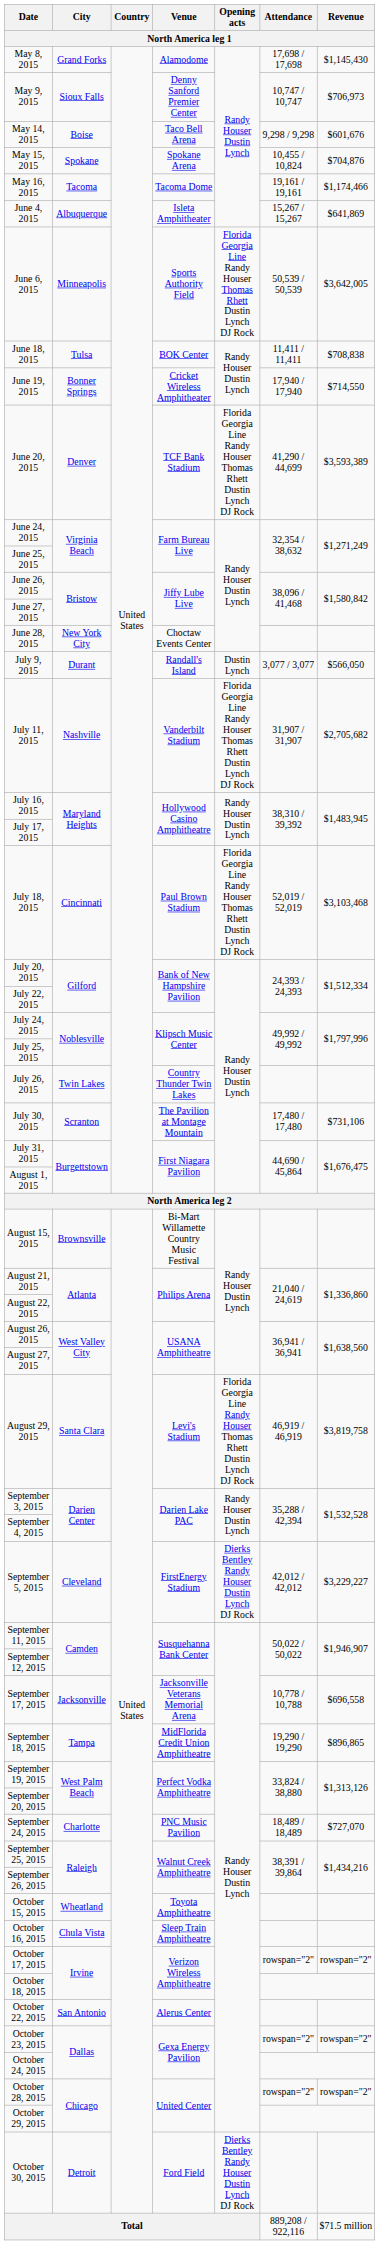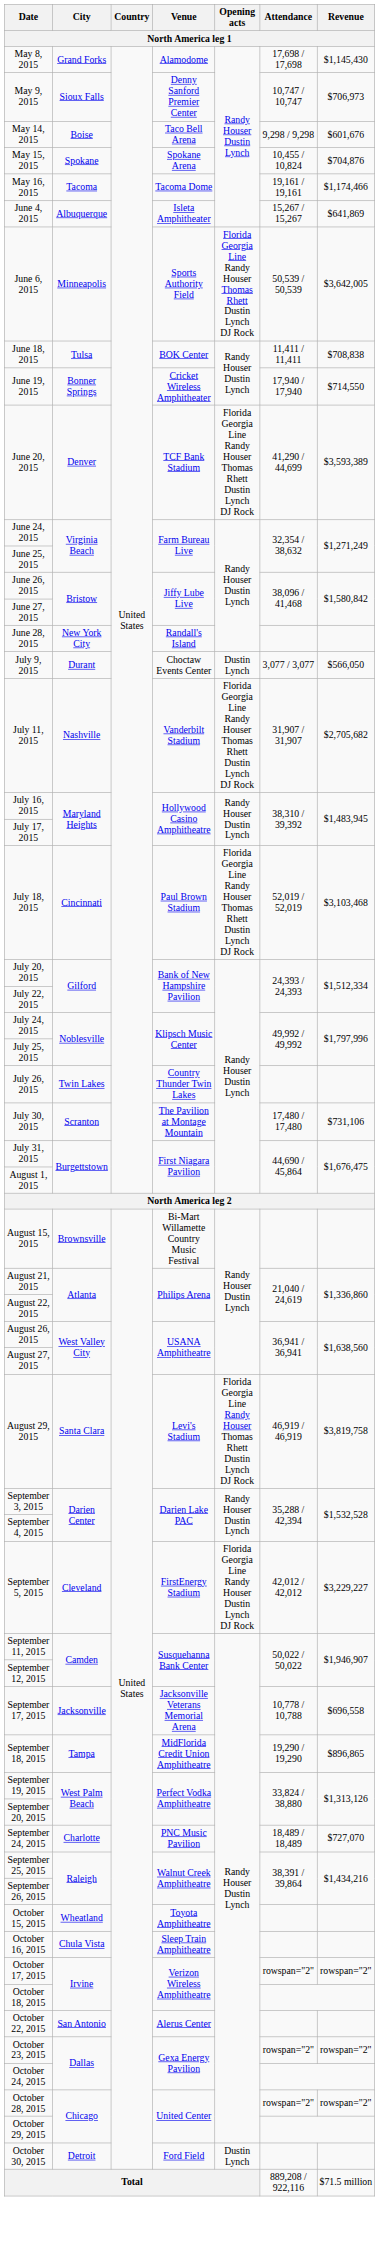 <table class="wikitable" style="text-align:center;">
 <tr>
 <th style="width:150px;">Date</th>
 <th style="width:150px;">City</th>
 <th style="width:150px;">Country</th>
 <th style="width:250px;">Venue</th>
 <th style="width:250px;">Opening acts</th>
 <th style="width:150px;">Attendance</th>
 <th style="width:150px;">Revenue</th>
 </tr>
 <tr>
 <th colspan="7">North America leg 1</th>
 </tr>
 <tr>
 <td>May 8, 2015</td>
 <td><a href='#'>Grand Forks</a></td>
 <td rowspan="28">United States</td>
 <td><a href='#'>Alamodome</a></td>
 <td rowspan="6"><a href='#'>Randy Houser</a><br><a href='#'>Dustin Lynch</a></td>
 <td>17,698 / 17,698</td>
 <td>$1,145,430</td>
 </tr>
 <tr>
 <td>May 9, 2015</td>
 <td><a href='#'>Sioux Falls</a></td>
 <td><a href='#'>Denny Sanford Premier Center</a></td>
 <td>10,747 / 10,747</td>
 <td>$706,973</td>
 </tr>
 <tr>
 <td>May 14, 2015</td>
 <td><a href='#'>Boise</a></td>
 <td><a href='#'>Taco Bell Arena</a></td>
 <td>9,298 / 9,298</td>
 <td>$601,676</td>
 </tr>
 <tr>
 <td>May 15, 2015</td>
 <td><a href='#'>Spokane</a></td>
 <td><a href='#'>Spokane Arena</a></td>
 <td>10,455 / 10,824 </td>
 <td>$704,876</td>
 </tr>
 <tr>
 <td>May 16, 2015</td>
 <td><a href='#'>Tacoma</a></td>
 <td><a href='#'>Tacoma Dome</a></td>
 <td>19,161 / 19,161</td>
 <td>$1,174,466</td>
 </tr>
 <tr>
 <td>June 4, 2015</td>
 <td><a href='#'>Albuquerque</a></td>
 <td><a href='#'>Isleta Amphitheater</a></td>
 <td>15,267 / 15,267</td>
 <td>$641,869</td>
 </tr>
 <tr>
 <td>June 6, 2015</td>
 <td><a href='#'>Minneapolis</a></td>
 <td><a href='#'>Sports Authority Field</a></td>
 <td><a href='#'>Florida Georgia Line</a><br>Randy Houser<br><a href='#'>Thomas Rhett</a><br>Dustin Lynch<br>DJ Rock</td>
 <td>50,539 / 50,539</td>
 <td>$3,642,005</td>
 </tr>
 <tr>
 <td>June 18, 2015</td>
 <td><a href='#'>Tulsa</a></td>
 <td><a href='#'>BOK Center</a></td>
 <td rowspan="2">Randy Houser<br>Dustin Lynch</td>
 <td>11,411 / 11,411 </td>
 <td>$708,838</td>
 </tr>
 <tr>
 <td>June 19, 2015</td>
 <td><a href='#'>Bonner Springs</a></td>
 <td><a href='#'>Cricket Wireless Amphitheater</a></td>
 <td>17,940 / 17,940</td>
 <td>$714,550</td>
 </tr>
 <tr>
 <td>June 20, 2015</td>
 <td><a href='#'>Denver</a></td>
 <td><a href='#'>TCF Bank Stadium</a></td>
 <td>Florida Georgia Line<br>Randy Houser<br>Thomas Rhett<br>Dustin Lynch<br>DJ Rock</td>
 <td>41,290 / 44,699</td>
 <td>$3,593,389</td>
 </tr>
 <tr>
 <td>June 24, 2015</td>
 <td rowspan="2"><a href='#'>Virginia Beach</a></td>
 <td rowspan="2"><a href='#'>Farm Bureau Live</a></td>
 <td rowspan="5">Randy Houser<br>Dustin Lynch</td>
 <td rowspan="2">32,354 / 38,632</td>
 <td rowspan="2">$1,271,249</td>
 </tr>
 <tr>
 <td>June 25, 2015</td>
 </tr>
 <tr>
 <td>June 26, 2015</td>
 <td rowspan="2"><a href='#'>Bristow</a></td>
 <td rowspan="2"><a href='#'>Jiffy Lube Live</a></td>
 <td rowspan="2">38,096 / 41,468</td>
 <td rowspan="2">$1,580,842</td>
 </tr>
 <tr>
 <td>June 27, 2015</td>
 </tr>
 <tr>
 <td>June 28, 2015</td>
 <td><a href='#'>New York City</a></td>
-<td>Choctaw Events Center</td>
+<td><a href='#'>Randall's Island</a></td>
 <td></td>
 <td></td>
 </tr>
 <tr>
 <td>July 9, 2015</td>
 <td><a href='#'>Durant</a></td>
-<td><a href='#'>Randall's Island</a></td>
+<td>Choctaw Events Center</td>
 <td>Dustin Lynch</td>
 <td>3,077 / 3,077</td>
 <td>$566,050</td>
 </tr>
 <tr>
 <td>July 11, 2015 </td>
 <td><a href='#'>Nashville</a></td>
 <td><a href='#'>Vanderbilt Stadium</a></td>
 <td>Florida Georgia Line<br>Randy Houser<br>Thomas Rhett<br>Dustin Lynch<br>DJ Rock</td>
 <td>31,907 / 31,907</td>
 <td>$2,705,682</td>
 </tr>
 <tr>
 <td>July 16, 2015</td>
 <td rowspan="2"><a href='#'>Maryland Heights</a></td>
 <td rowspan="2"><a href='#'>Hollywood Casino Amphitheatre</a></td>
 <td rowspan="2">Randy Houser<br>Dustin Lynch</td>
 <td rowspan="2">38,310 / 39,392</td>
 <td rowspan="2">$1,483,945</td>
 </tr>
 <tr>
 <td>July 17, 2015</td>
 </tr>
 <tr>
 <td>July 18, 2015</td>
 <td><a href='#'>Cincinnati</a></td>
 <td><a href='#'>Paul Brown Stadium</a></td>
 <td>Florida Georgia Line<br>Randy Houser<br>Thomas Rhett<br>Dustin Lynch<br>DJ Rock</td>
 <td>52,019 / 52,019</td>
 <td>$3,103,468</td>
 </tr>
 <tr>
 <td>July 20, 2015</td>
 <td rowspan="2"><a href='#'>Gilford</a></td>
 <td rowspan="2"><a href='#'>Bank of New Hampshire Pavilion</a></td>
 <td rowspan="8">Randy Houser<br>Dustin Lynch</td>
 <td rowspan="2">24,393 / 24,393</td>
 <td rowspan="2">$1,512,334</td>
 </tr>
 <tr>
 <td>July 22, 2015</td>
 </tr>
 <tr>
 <td>July 24, 2015</td>
 <td rowspan="2"><a href='#'>Noblesville</a></td>
 <td rowspan="2"><a href='#'>Klipsch Music Center</a></td>
 <td rowspan="2">49,992 / 49,992</td>
 <td rowspan="2">$1,797,996</td>
 </tr>
 <tr>
 <td>July 25, 2015</td>
 </tr>
 <tr>
 <td>July 26, 2015</td>
 <td><a href='#'>Twin Lakes</a></td>
 <td><a href='#'>Country Thunder Twin Lakes</a></td>
 <td></td>
 <td></td>
 </tr>
 <tr>
 <td>July 30, 2015</td>
 <td><a href='#'>Scranton</a></td>
 <td><a href='#'>The Pavilion at Montage Mountain</a></td>
 <td>17,480 / 17,480</td>
 <td>$731,106</td>
 </tr>
 <tr>
 <td>July 31, 2015</td>
 <td rowspan="2"><a href='#'>Burgettstown</a></td>
 <td rowspan="2"><a href='#'>First Niagara Pavilion</a></td>
 <td rowspan="2">44,690 / 45,864</td>
 <td rowspan="2">$1,676,475</td>
 </tr>
 <tr>
 <td>August 1, 2015</td>
 </tr>
 <tr>
 <th colspan="7">North America leg 2</th>
 </tr>
 <tr>
 <td>August 15, 2015</td>
 <td><a href='#'>Brownsville</a></td>
 <td rowspan="28">United States</td>
 <td>Bi-Mart Willamette Country Music Festival</td>
 <td rowspan="5">Randy Houser<br>Dustin Lynch</td>
 <td></td>
 <td></td>
 </tr>
 <tr>
 <td>August 21, 2015</td>
 <td rowspan="2"><a href='#'>Atlanta</a></td>
 <td rowspan="2"><a href='#'>Philips Arena</a></td>
 <td rowspan="2">21,040 / 24,619</td>
 <td rowspan="2">$1,336,860</td>
 </tr>
 <tr>
 <td>August 22, 2015</td>
 </tr>
 <tr>
 <td>August 26, 2015</td>
 <td rowspan="2"><a href='#'>West Valley City</a></td>
 <td rowspan="2"><a href='#'>USANA Amphitheatre</a></td>
 <td rowspan="2">36,941 / 36,941</td>
 <td rowspan="2">$1,638,560</td>
 </tr>
 <tr>
 <td>August 27, 2015</td>
 </tr>
 <tr>
 <td>August 29, 2015</td>
 <td><a href='#'>Santa Clara</a></td>
 <td><a href='#'>Levi's Stadium</a></td>
 <td>Florida Georgia Line<br><a href='#'>Randy Houser</a><br>Thomas Rhett<br>Dustin Lynch<br>DJ Rock</td>
 <td>46,919 / 46,919</td>
 <td>$3,819,758</td>
 </tr>
 <tr>
 <td>September 3, 2015</td>
 <td rowspan="2"><a href='#'>Darien Center</a></td>
 <td rowspan="2"><a href='#'>Darien Lake PAC</a></td>
 <td rowspan="2">Randy Houser<br>Dustin Lynch</td>
 <td rowspan="2">35,288 / 42,394</td>
 <td rowspan="2">$1,532,528</td>
 </tr>
 <tr>
 <td>September 4, 2015</td>
 </tr>
 <tr>
 <td>September 5, 2015</td>
 <td><a href='#'>Cleveland</a></td>
 <td><a href='#'>FirstEnergy Stadium</a></td>
-<td><a href='#'>Dierks Bentley</a><br><a href='#'>Randy Houser</a><br><a href='#'>Dustin Lynch</a><br>DJ Rock</td>
+<td>Florida Georgia Line<br>Randy Houser<br>Dustin Lynch<br>DJ Rock</td>
 <td>42,012 / 42,012</td>
 <td>$3,229,227</td>
 </tr>
 <tr>
 <td>September 11, 2015</td>
 <td rowspan="2"><a href='#'>Camden</a></td>
 <td rowspan="2"><a href='#'>Susquehanna Bank Center</a></td>
 <td rowspan="18">Randy Houser<br>Dustin Lynch</td>
 <td rowspan="2">50,022 / 50,022</td>
 <td rowspan="2">$1,946,907</td>
 </tr>
 <tr>
 <td>September 12, 2015</td>
 </tr>
 <tr>
 <td>September 17, 2015</td>
 <td><a href='#'>Jacksonville</a></td>
 <td><a href='#'>Jacksonville Veterans Memorial Arena</a></td>
 <td>10,778 / 10,788</td>
 <td>$696,558</td>
 </tr>
 <tr>
 <td>September 18, 2015</td>
 <td><a href='#'>Tampa</a></td>
 <td><a href='#'>MidFlorida Credit Union Amphitheatre</a></td>
 <td>19,290 / 19,290</td>
 <td>$896,865</td>
 </tr>
 <tr>
 <td>September 19, 2015</td>
 <td rowspan="2"><a href='#'>West Palm Beach</a></td>
 <td rowspan="2"><a href='#'>Perfect Vodka Amphitheatre</a></td>
 <td rowspan="2">33,824 / 38,880</td>
 <td rowspan="2">$1,313,126</td>
 </tr>
 <tr>
 <td>September 20, 2015</td>
 </tr>
 <tr>
 <td>September 24, 2015</td>
 <td><a href='#'>Charlotte</a></td>
 <td><a href='#'>PNC Music Pavilion</a></td>
 <td>18,489 / 18,489</td>
 <td>$727,070</td>
 </tr>
 <tr>
 <td>September 25, 2015</td>
 <td rowspan="2"><a href='#'>Raleigh</a></td>
 <td rowspan="2"><a href='#'>Walnut Creek Amphitheatre</a></td>
 <td rowspan="2">38,391 / 39,864</td>
 <td rowspan="2">$1,434,216</td>
 </tr>
 <tr>
 <td>September 26, 2015</td>
 </tr>
 <tr>
 <td>October 15, 2015</td>
 <td><a href='#'>Wheatland</a></td>
 <td><a href='#'>Toyota Amphitheatre</a></td>
 <td></td>
 <td></td>
 </tr>
 <tr>
 <td>October 16, 2015</td>
 <td><a href='#'>Chula Vista</a></td>
 <td><a href='#'>Sleep Train Amphitheatre</a></td>
 <td></td>
 <td></td>
 </tr>
 <tr>
 <td>October 17, 2015</td>
 <td rowspan="2"><a href='#'>Irvine</a></td>
 <td rowspan="2"><a href='#'>Verizon Wireless Amphitheatre</a></td>
 <td>rowspan="2" </td>
 <td>rowspan="2" </td>
 </tr>
 <tr>
 <td>October 18, 2015</td>
 </tr>
 <tr>
 <td>October 22, 2015</td>
 <td><a href='#'>San Antonio</a></td>
 <td><a href='#'>Alerus Center</a></td>
 <td></td>
 <td></td>
 </tr>
 <tr>
 <td>October 23, 2015</td>
 <td rowspan="2"><a href='#'>Dallas</a></td>
 <td rowspan="2"><a href='#'>Gexa Energy Pavilion</a></td>
 <td>rowspan="2" </td>
 <td>rowspan="2" </td>
 </tr>
 <tr>
 <td>October 24, 2015</td>
 </tr>
 <tr>
 <td>October 28, 2015</td>
 <td rowspan="2"><a href='#'>Chicago</a></td>
 <td rowspan="2"><a href='#'>United Center</a></td>
 <td>rowspan="2" </td>
 <td>rowspan="2" </td>
 </tr>
 <tr>
 <td>October 29, 2015</td>
 </tr>
 <tr>
 <td>October 30, 2015</td>
 <td><a href='#'>Detroit</a></td>
 <td><a href='#'>Ford Field</a></td>
-<td><a href='#'>Dierks Bentley</a><br><a href='#'>Randy Houser</a><br><a href='#'>Dustin Lynch</a><br>DJ Rock</td>
+<td>Dustin Lynch</td>
 <td></td>
 <td></td>
 </tr>
 <tr>
 <th colspan="5">Total</th>
 <td>889,208 / 922,116</td>
 <td>$71.5 million</td>
 </tr>
 </table>
